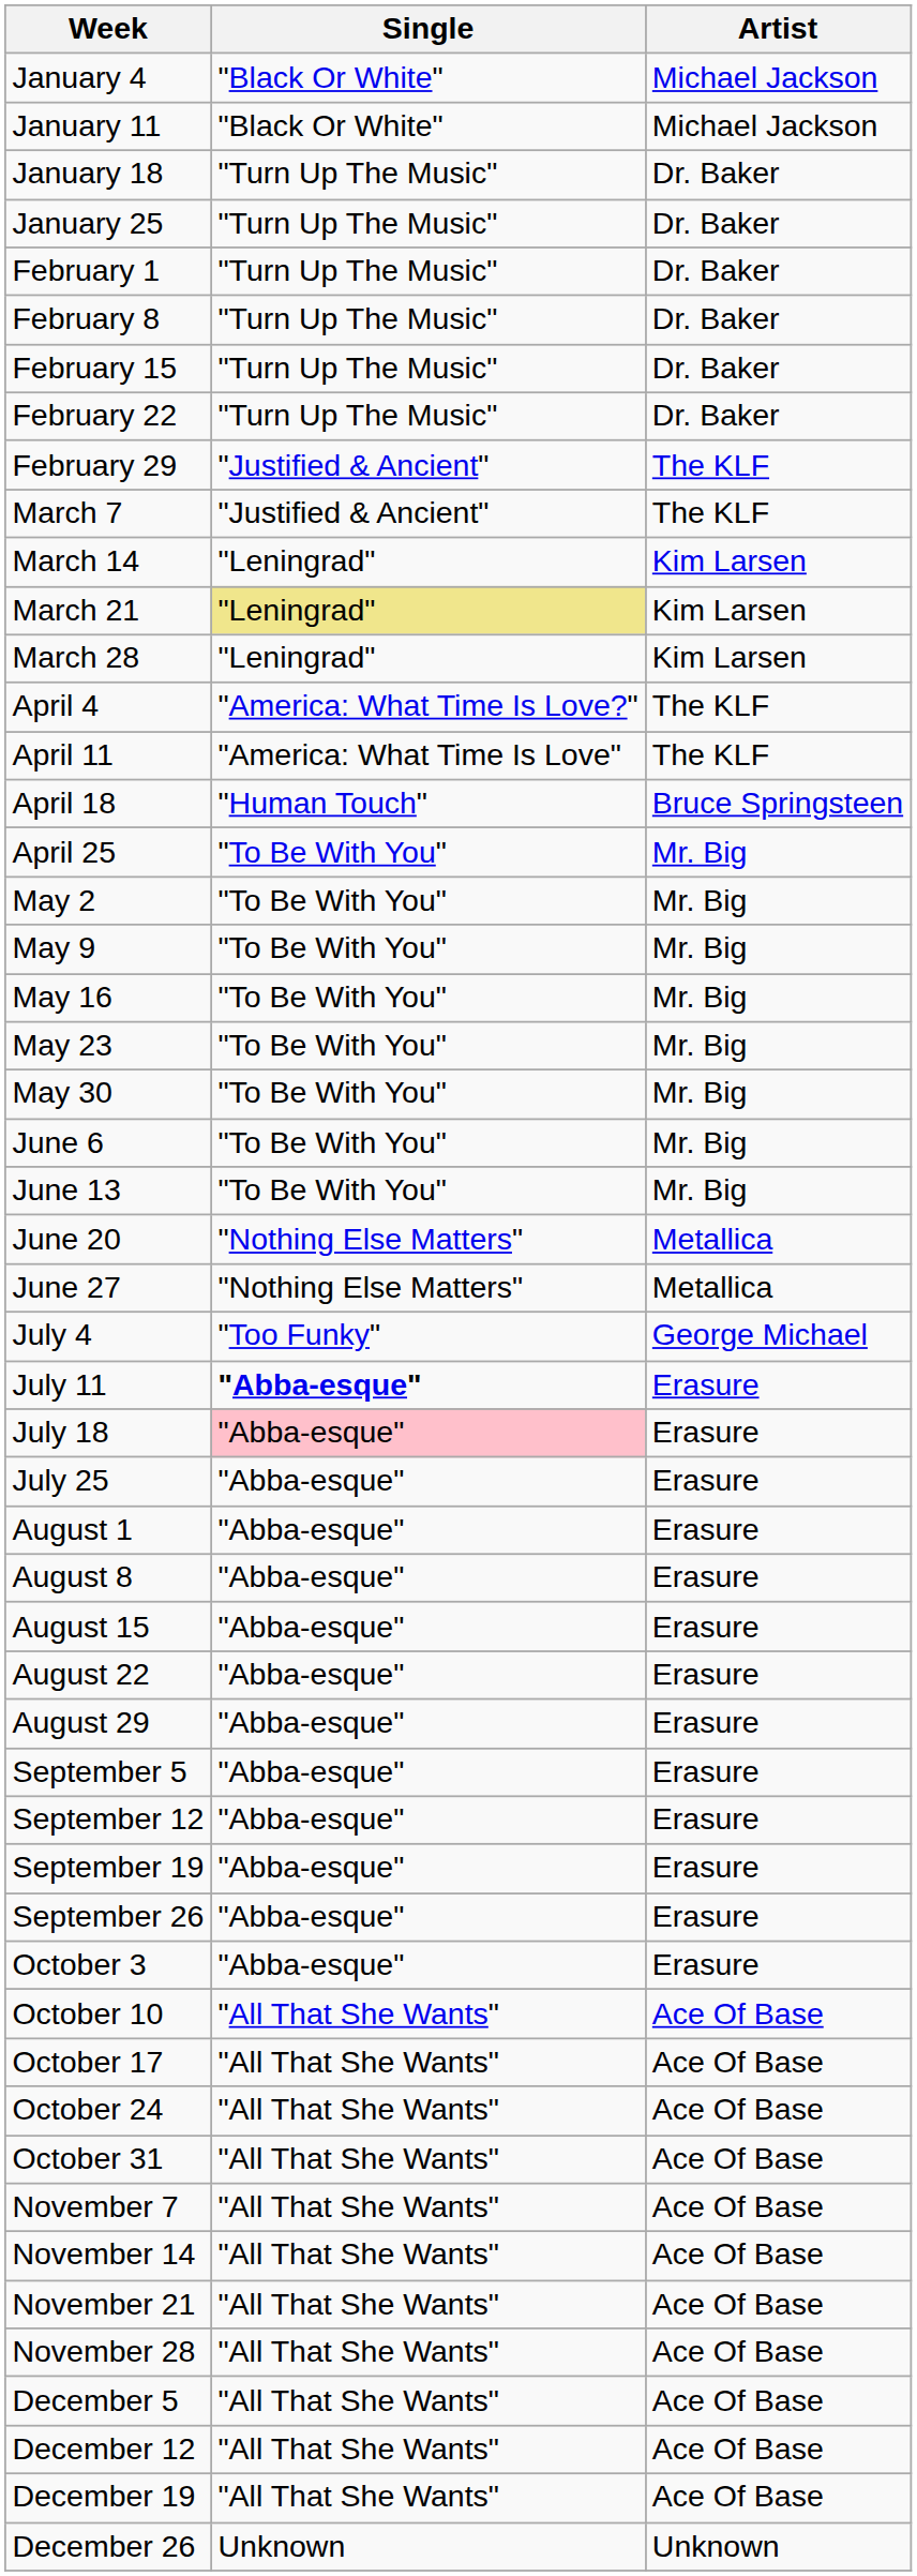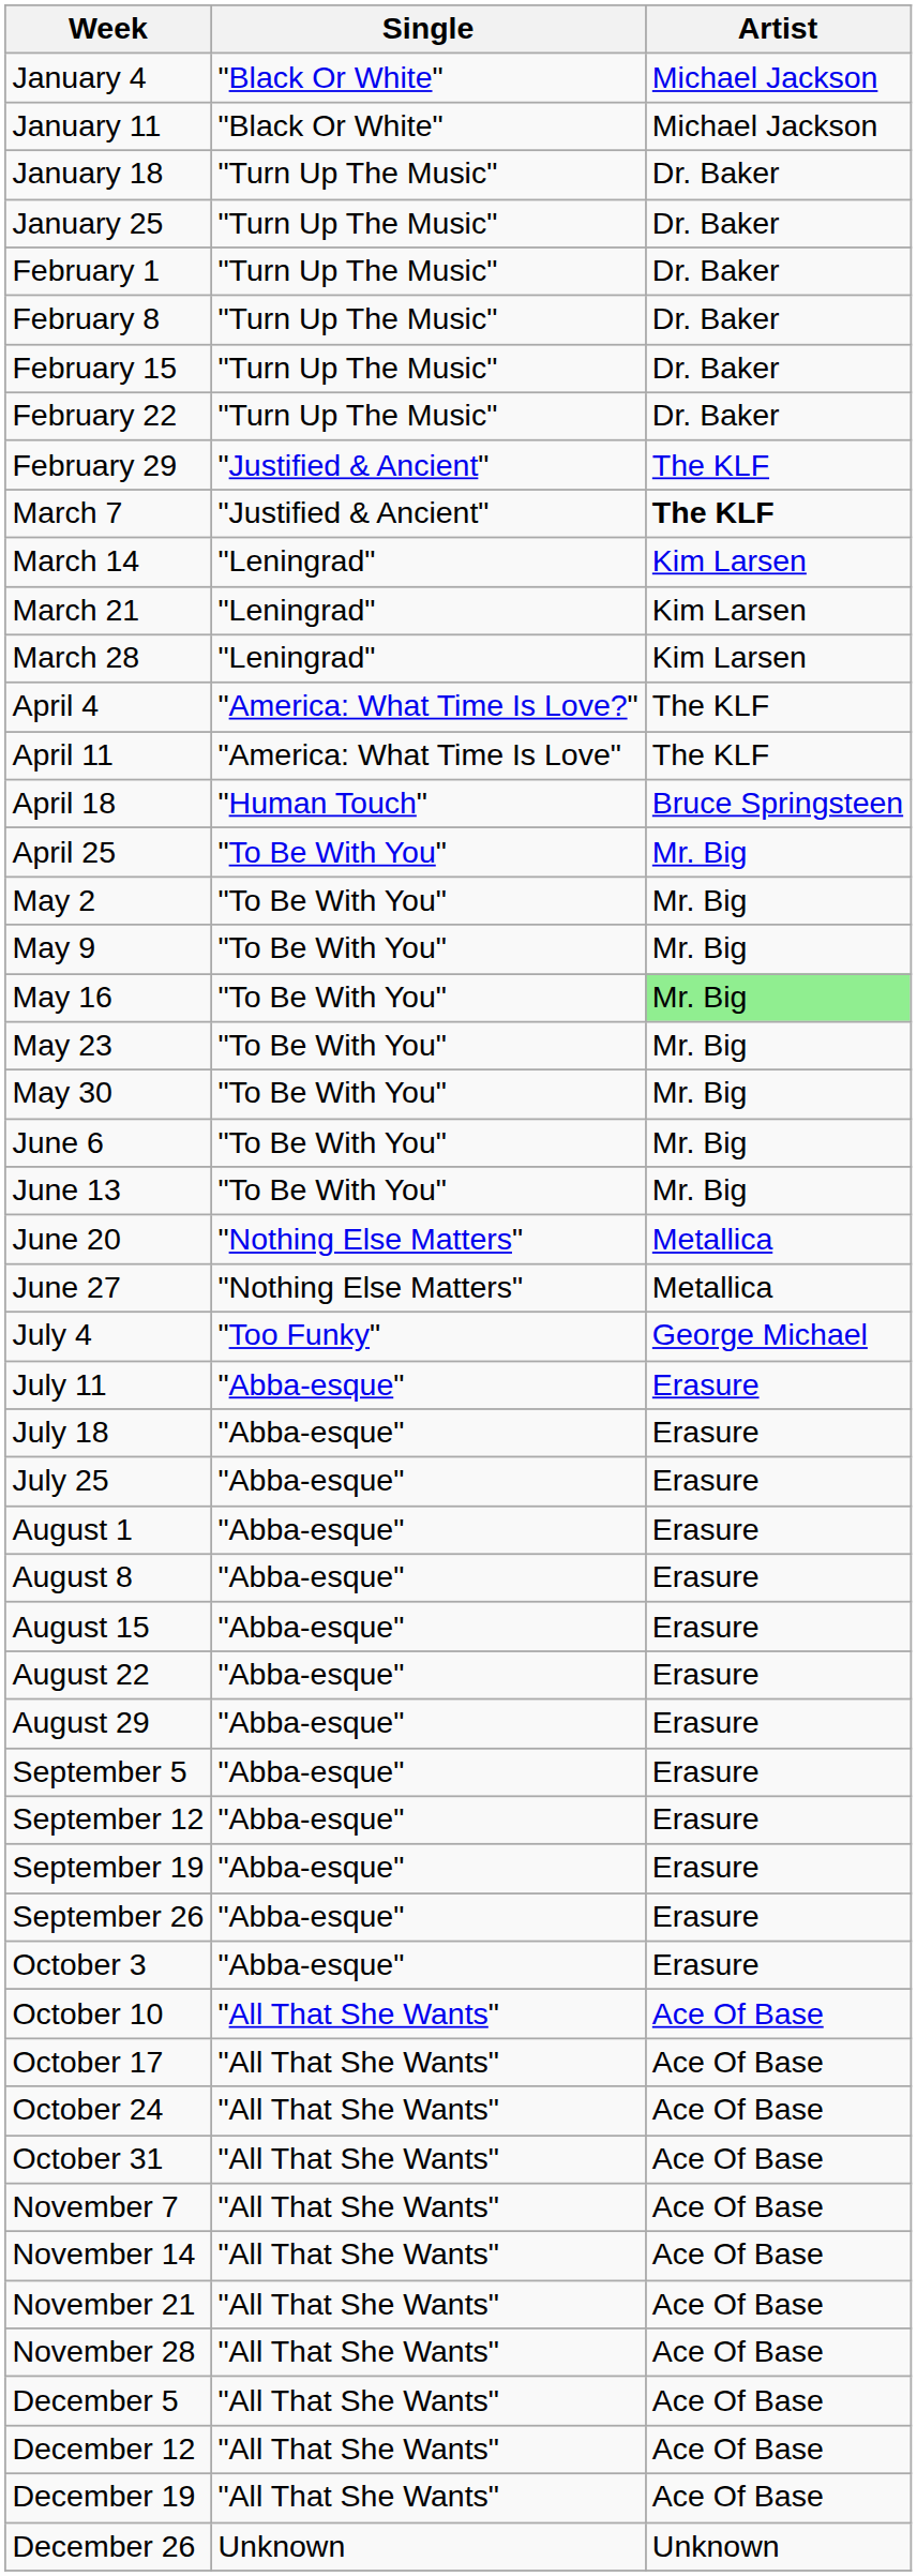 <table class="wikitable plainrowheaders">
 <tr>
 <th>Week</th>
 <th>Single</th>
 <th>Artist</th>
 </tr>
 <tr>
 <td>January 4</td>
 <td>"<a href='#'>Black Or White</a>"</td>
 <td><a href='#'>Michael Jackson</a></td>
 </tr>
 <tr>
 <td>January 11</td>
 <td>"Black Or White"</td>
 <td>Michael Jackson</td>
 </tr>
 <tr>
 <td>January 18</td>
 <td>"Turn Up The Music"</td>
 <td>Dr. Baker</td>
 </tr>
 <tr>
 <td>January 25</td>
 <td>"Turn Up The Music"</td>
 <td>Dr. Baker</td>
 </tr>
 <tr>
 <td>February 1</td>
 <td>"Turn Up The Music"</td>
 <td>Dr. Baker</td>
 </tr>
 <tr>
 <td>February 8</td>
 <td>"Turn Up The Music"</td>
 <td>Dr. Baker</td>
 </tr>
 <tr>
 <td>February 15</td>
 <td>"Turn Up The Music"</td>
 <td>Dr. Baker</td>
 </tr>
 <tr>
 <td>February 22</td>
 <td>"Turn Up The Music"</td>
 <td>Dr. Baker</td>
 </tr>
 <tr>
 <td>February 29</td>
 <td>"<a href='#'>Justified & Ancient</a>"</td>
 <td><a href='#'>The KLF</a></td>
 </tr>
 <tr>
 <td>March 7</td>
 <td>"Justified & Ancient"</td>
-<td>The KLF</td>
+<td><strong>The KLF</strong></td>
 </tr>
 <tr>
 <td>March 14</td>
 <td>"Leningrad"</td>
 <td><a href='#'>Kim Larsen</a></td>
 </tr>
 <tr>
 <td>March 21</td>
-<td style="background: khaki;">"Leningrad"</td>
+<td>"Leningrad"</td>
 <td>Kim Larsen</td>
 </tr>
 <tr>
 <td>March 28</td>
 <td>"Leningrad"</td>
 <td>Kim Larsen</td>
 </tr>
 <tr>
 <td>April 4</td>
 <td>"<a href='#'>America: What Time Is Love?</a>"</td>
 <td>The KLF</td>
 </tr>
 <tr>
 <td>April 11</td>
 <td>"America: What Time Is Love"</td>
 <td>The KLF</td>
 </tr>
 <tr>
 <td>April 18</td>
 <td>"<a href='#'>Human Touch</a>"</td>
 <td><a href='#'>Bruce Springsteen</a></td>
 </tr>
 <tr>
 <td>April 25</td>
 <td>"<a href='#'>To Be With You</a>"</td>
 <td><a href='#'>Mr. Big</a></td>
 </tr>
 <tr>
 <td>May 2</td>
 <td>"To Be With You"</td>
 <td>Mr. Big</td>
 </tr>
 <tr>
 <td>May 9</td>
 <td>"To Be With You"</td>
 <td>Mr. Big</td>
 </tr>
 <tr>
 <td>May 16</td>
 <td>"To Be With You"</td>
-<td>Mr. Big</td>
+<td style="background: lightgreen;">Mr. Big</td>
 </tr>
 <tr>
 <td>May 23</td>
 <td>"To Be With You"</td>
 <td>Mr. Big</td>
 </tr>
 <tr>
 <td>May 30</td>
 <td>"To Be With You"</td>
 <td>Mr. Big</td>
 </tr>
 <tr>
 <td>June 6</td>
 <td>"To Be With You"</td>
 <td>Mr. Big</td>
 </tr>
 <tr>
 <td>June 13</td>
 <td>"To Be With You"</td>
 <td>Mr. Big</td>
 </tr>
 <tr>
 <td>June 20</td>
 <td>"<a href='#'>Nothing Else Matters</a>"</td>
 <td><a href='#'>Metallica</a></td>
 </tr>
 <tr>
 <td>June 27</td>
 <td>"Nothing Else Matters"</td>
 <td>Metallica</td>
 </tr>
 <tr>
 <td>July 4</td>
 <td>"<a href='#'>Too Funky</a>"</td>
 <td><a href='#'>George Michael</a></td>
 </tr>
 <tr>
 <td>July 11</td>
-<td><strong>"<a href='#'>Abba-esque</a>"</strong></td>
+<td>"<a href='#'>Abba-esque</a>"</td>
 <td><a href='#'>Erasure</a></td>
 </tr>
 <tr>
 <td>July 18</td>
-<td style="background: pink;">"Abba-esque"</td>
+<td>"Abba-esque"</td>
 <td>Erasure</td>
 </tr>
 <tr>
 <td>July 25</td>
 <td>"Abba-esque"</td>
 <td>Erasure</td>
 </tr>
 <tr>
 <td>August 1</td>
 <td>"Abba-esque"</td>
 <td>Erasure</td>
 </tr>
 <tr>
 <td>August 8</td>
 <td>"Abba-esque"</td>
 <td>Erasure</td>
 </tr>
 <tr>
 <td>August 15</td>
 <td>"Abba-esque"</td>
 <td>Erasure</td>
 </tr>
 <tr>
 <td>August 22</td>
 <td>"Abba-esque"</td>
 <td>Erasure</td>
 </tr>
 <tr>
 <td>August 29</td>
 <td>"Abba-esque"</td>
 <td>Erasure</td>
 </tr>
 <tr>
 <td>September 5</td>
 <td>"Abba-esque"</td>
 <td>Erasure</td>
 </tr>
 <tr>
 <td>September 12</td>
 <td>"Abba-esque"</td>
 <td>Erasure</td>
 </tr>
 <tr>
 <td>September 19</td>
 <td>"Abba-esque"</td>
 <td>Erasure</td>
 </tr>
 <tr>
 <td>September 26</td>
 <td>"Abba-esque"</td>
 <td>Erasure</td>
 </tr>
 <tr>
 <td>October 3</td>
 <td>"Abba-esque"</td>
 <td>Erasure</td>
 </tr>
 <tr>
 <td>October 10</td>
 <td>"<a href='#'>All That She Wants</a>"</td>
 <td><a href='#'>Ace Of Base</a></td>
 </tr>
 <tr>
 <td>October 17</td>
 <td>"All That She Wants"</td>
 <td>Ace Of Base</td>
 </tr>
 <tr>
 <td>October 24</td>
 <td>"All That She Wants"</td>
 <td>Ace Of Base</td>
 </tr>
 <tr>
 <td>October 31</td>
 <td>"All That She Wants"</td>
 <td>Ace Of Base</td>
 </tr>
 <tr>
 <td>November 7</td>
 <td>"All That She Wants"</td>
 <td>Ace Of Base</td>
 </tr>
 <tr>
 <td>November 14</td>
 <td>"All That She Wants"</td>
 <td>Ace Of Base</td>
 </tr>
 <tr>
 <td>November 21</td>
 <td>"All That She Wants"</td>
 <td>Ace Of Base</td>
 </tr>
 <tr>
 <td>November 28</td>
 <td>"All That She Wants"</td>
 <td>Ace Of Base</td>
 </tr>
 <tr>
 <td>December 5</td>
 <td>"All That She Wants"</td>
 <td>Ace Of Base</td>
 </tr>
 <tr>
 <td>December 12</td>
 <td>"All That She Wants"</td>
 <td>Ace Of Base</td>
 </tr>
 <tr>
 <td>December 19</td>
 <td>"All That She Wants"</td>
 <td>Ace Of Base</td>
 </tr>
 <tr>
 <td>December 26</td>
 <td>Unknown</td>
 <td>Unknown</td>
 </tr>
 </table>
